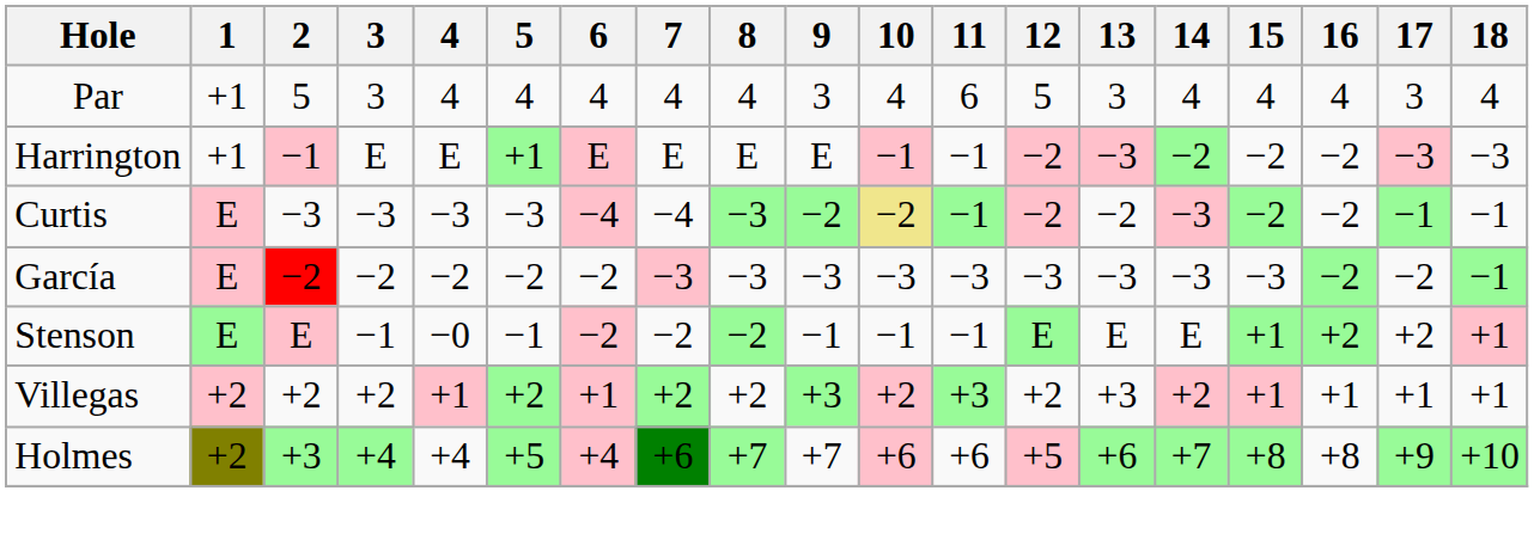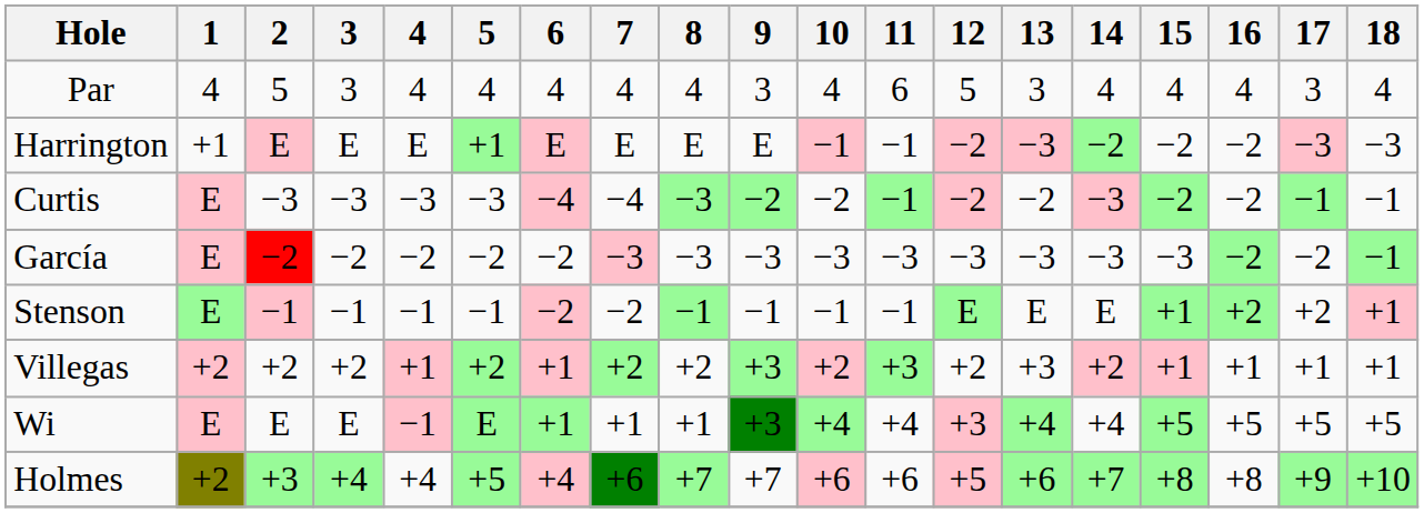 <table class="wikitable" style="text-align:center">
 <tr>
 <th>Hole</th>
 <th>  1  </th>
 <th>  2  </th>
 <th>  3  </th>
 <th>  4  </th>
 <th>  5  </th>
 <th>  6  </th>
 <th>  7  </th>
 <th>  8  </th>
 <th>  9  </th>
 <th> 10 </th>
 <th> 11 </th>
 <th> 12 </th>
 <th> 13 </th>
 <th> 14 </th>
 <th> 15 </th>
 <th> 16 </th>
 <th> 17 </th>
 <th> 18 </th>
 </tr>
 <tr>
 <td>Par</td>
-<td>+1</td>
+<td>4</td>
 <td>5</td>
 <td>3</td>
 <td>4</td>
 <td>4</td>
 <td>4</td>
 <td>4</td>
 <td>4</td>
 <td>3</td>
 <td>4</td>
 <td>6</td>
 <td>5</td>
 <td>3</td>
 <td>4</td>
 <td>4</td>
 <td>4</td>
 <td>3</td>
 <td>4</td>
 </tr>
 <tr>
 <td align=left> Harrington</td>
 <td>+1</td>
-<td style="background: Pink;">−1</td>
+<td style="background: Pink;">E</td>
 <td>E</td>
 <td>E</td>
 <td style="background: PaleGreen;">+1</td>
 <td style="background: Pink;">E</td>
 <td>E</td>
 <td>E</td>
 <td>E</td>
 <td style="background: Pink;">−1</td>
 <td>−1</td>
 <td style="background: Pink;">−2</td>
 <td style="background: Pink;">−3</td>
 <td style="background: PaleGreen;">−2</td>
 <td>−2</td>
 <td>−2</td>
 <td style="background: Pink;">−3</td>
 <td>−3</td>
 </tr>
 <tr>
 <td align=left> Curtis</td>
 <td style="background: Pink;">E</td>
 <td>−3</td>
 <td>−3</td>
 <td>−3</td>
 <td>−3</td>
 <td style="background: Pink;">−4</td>
 <td>−4</td>
 <td style="background: PaleGreen;">−3</td>
 <td style="background: PaleGreen;">−2</td>
-<td style="background: khaki;">−2</td>
+<td>−2</td>
 <td style="background: PaleGreen;">−1</td>
 <td style="background: Pink;">−2</td>
 <td>−2</td>
 <td style="background: Pink;">−3</td>
 <td style="background: PaleGreen;">−2</td>
 <td>−2</td>
 <td style="background: PaleGreen;">−1</td>
 <td>−1</td>
 </tr>
 <tr>
 <td align=left> García</td>
 <td style="background: Pink;">E</td>
 <td style="background: Red;">−2</td>
 <td>−2</td>
 <td>−2</td>
 <td>−2</td>
 <td>−2</td>
 <td style="background: Pink;">−3</td>
 <td>−3</td>
 <td>−3</td>
 <td>−3</td>
 <td>−3</td>
 <td>−3</td>
 <td>−3</td>
 <td>−3</td>
 <td>−3</td>
 <td style="background: PaleGreen;">−2</td>
 <td>−2</td>
 <td style="background: PaleGreen;">−1</td>
 </tr>
 <tr>
 <td align=left> Stenson</td>
 <td style="background: PaleGreen;">E</td>
-<td style="background: Pink;">E</td>
+<td style="background: Pink;">−1</td>
 <td>−1</td>
-<td>−0</td>
+<td>−1</td>
 <td>−1</td>
 <td style="background: Pink;">−2</td>
 <td>−2</td>
-<td style="background: PaleGreen;">−2</td>
+<td style="background: PaleGreen;">−1</td>
 <td>−1</td>
 <td>−1</td>
 <td>−1</td>
 <td style="background: PaleGreen;">E</td>
 <td>E</td>
 <td>E</td>
 <td style="background: PaleGreen;">+1</td>
 <td style="background: PaleGreen;">+2</td>
 <td>+2</td>
 <td style="background: Pink;">+1</td>
 </tr>
 <tr>
 <td align=left> Villegas</td>
 <td style="background: Pink;">+2</td>
 <td>+2</td>
 <td>+2</td>
 <td style="background: Pink;">+1</td>
 <td style="background: PaleGreen;">+2</td>
 <td style="background: Pink;">+1</td>
 <td style="background: PaleGreen;">+2</td>
 <td>+2</td>
 <td style="background: PaleGreen;">+3</td>
 <td style="background: Pink;">+2</td>
 <td style="background: PaleGreen;">+3</td>
 <td>+2</td>
 <td>+3</td>
 <td style="background: Pink;">+2</td>
 <td style="background: Pink;">+1</td>
 <td>+1</td>
 <td>+1</td>
 <td>+1</td>
 </tr>
 <tr>
+<td align=left> Wi</td>
+<td style="background: Pink;">E</td>
+<td>E</td>
+<td>E</td>
+<td style="background: Pink;">−1</td>
+<td style="background: PaleGreen;">E</td>
+<td style="background: PaleGreen;">+1</td>
+<td>+1</td>
+<td>+1</td>
+<td style="background: Green;">+3</td>
+<td style="background: PaleGreen;">+4</td>
+<td>+4</td>
+<td style="background: Pink;">+3</td>
+<td style="background: PaleGreen;">+4</td>
+<td>+4</td>
+<td style="background: PaleGreen;">+5</td>
+<td>+5</td>
+<td>+5</td>
+<td>+5</td>
+</tr>
+<tr>
 <td align=left> Holmes</td>
 <td style="background: Olive;">+2</td>
 <td style="background: PaleGreen;">+3</td>
 <td style="background: PaleGreen;">+4</td>
 <td>+4</td>
 <td style="background: PaleGreen;">+5</td>
 <td style="background: Pink">+4</td>
 <td style="background: Green;">+6</td>
 <td style="background: PaleGreen;">+7</td>
 <td>+7</td>
 <td style="background: Pink;">+6</td>
 <td>+6</td>
 <td style="background: Pink;">+5</td>
 <td style="background: PaleGreen;">+6</td>
 <td style="background: PaleGreen;">+7</td>
 <td style="background: PaleGreen;">+8</td>
 <td>+8</td>
 <td style="background: PaleGreen;">+9</td>
 <td style="background: PaleGreen;">+10</td>
 </tr>
 <tr>
 </tr>
 </table>
